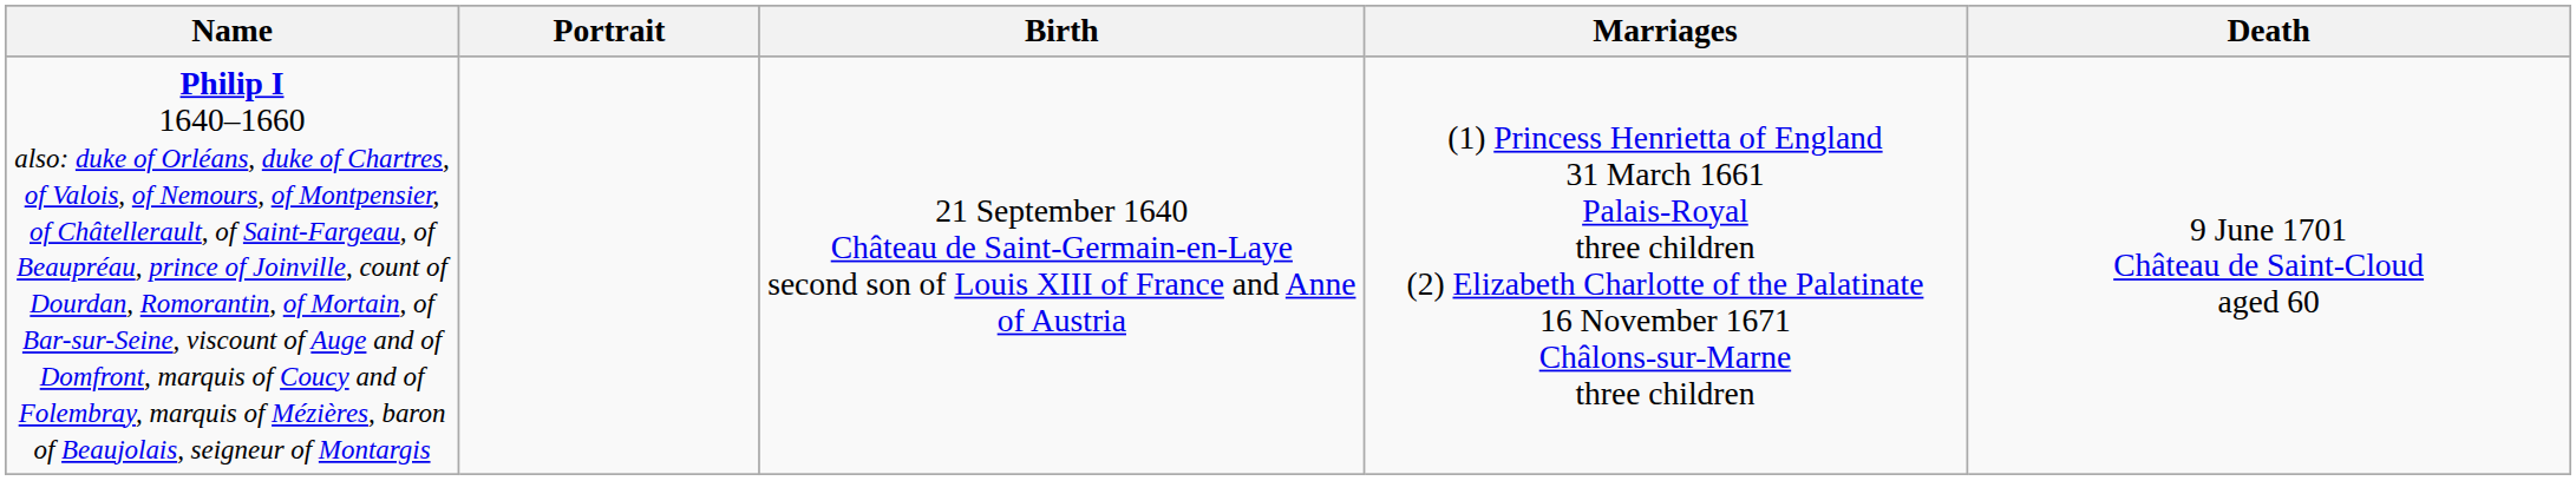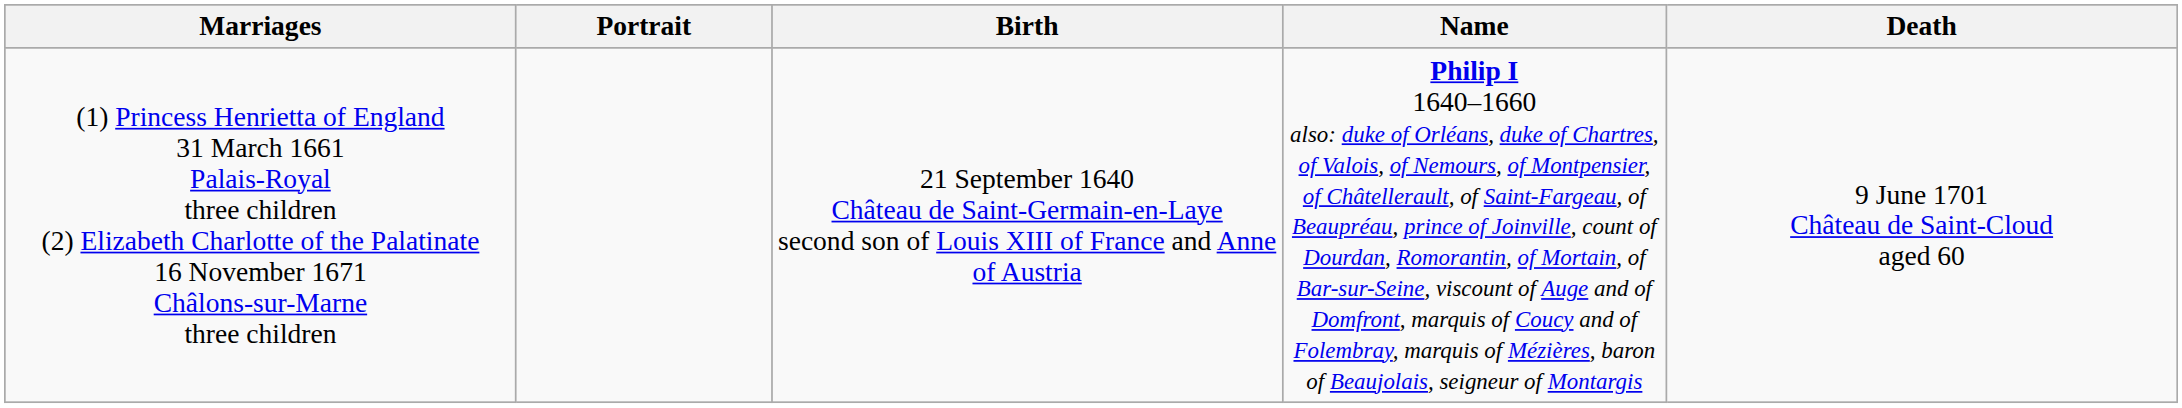 <table style="text-align:center; width:100%" class="wikitable">
 <tr>
-<th style="width:15%;">Name</th>
+<th style="width:20%;">Marriages</th>
 <th style="width:10%;">Portrait</th>
 <th style="width:20%;">Birth</th>
-<th style="width:20%;">Marriages</th>
+<th style="width:15%;">Name</th>
 <th style="width:20%;">Death</th>
 </tr>
 <tr>
-<td width=auto><strong><a href='#'>Philip I</a></strong><br>1640–1660<br><em><small>also: <a href='#'>duke of Orléans</a>, <a href='#'>duke of Chartres</a>, <a href='#'>of Valois</a>, <a href='#'>of Nemours</a>, <a href='#'>of Montpensier</a>, <a href='#'>of Châtellerault</a>, of <a href='#'>Saint-Fargeau</a>, of <a href='#'>Beaupréau</a>, <a href='#'>prince of Joinville</a>, count of <a href='#'>Dourdan</a>, <a href='#'>Romorantin</a>, <a href='#'>of Mortain</a>, of <a href='#'>Bar-sur-Seine</a>, viscount of <a href='#'>Auge</a> and of <a href='#'>Domfront</a>, marquis of <a href='#'>Coucy</a> and of <a href='#'>Folembray</a>, marquis of <a href='#'>Mézières</a>, baron of <a href='#'>Beaujolais</a>, seigneur of <a href='#'>Montargis</a></small></em></td>
+<td>(1) <a href='#'>Princess Henrietta of England</a><br>31 March 1661<br><a href='#'>Palais-Royal</a><br>three children<br> (2) <a href='#'>Elizabeth Charlotte of the Palatinate</a><br>16 November 1671<br><a href='#'>Châlons-sur-Marne</a><br>three children</td>
 <td></td>
 <td>21 September 1640<br><a href='#'>Château de Saint-Germain-en-Laye</a><br>second son of <a href='#'>Louis XIII of France</a> and <a href='#'>Anne of Austria</a></td>
-<td>(1) <a href='#'>Princess Henrietta of England</a><br>31 March 1661<br><a href='#'>Palais-Royal</a><br>three children<br> (2) <a href='#'>Elizabeth Charlotte of the Palatinate</a><br>16 November 1671<br><a href='#'>Châlons-sur-Marne</a><br>three children</td>
+<td width=auto><strong><a href='#'>Philip I</a></strong><br>1640–1660<br><em><small>also: <a href='#'>duke of Orléans</a>, <a href='#'>duke of Chartres</a>, <a href='#'>of Valois</a>, <a href='#'>of Nemours</a>, <a href='#'>of Montpensier</a>, <a href='#'>of Châtellerault</a>, of <a href='#'>Saint-Fargeau</a>, of <a href='#'>Beaupréau</a>, <a href='#'>prince of Joinville</a>, count of <a href='#'>Dourdan</a>, <a href='#'>Romorantin</a>, <a href='#'>of Mortain</a>, of <a href='#'>Bar-sur-Seine</a>, viscount of <a href='#'>Auge</a> and of <a href='#'>Domfront</a>, marquis of <a href='#'>Coucy</a> and of <a href='#'>Folembray</a>, marquis of <a href='#'>Mézières</a>, baron of <a href='#'>Beaujolais</a>, seigneur of <a href='#'>Montargis</a></small></em></td>
 <td>9 June 1701<br><a href='#'>Château de Saint-Cloud</a><br>aged 60</td>
 </tr>
 </table>
